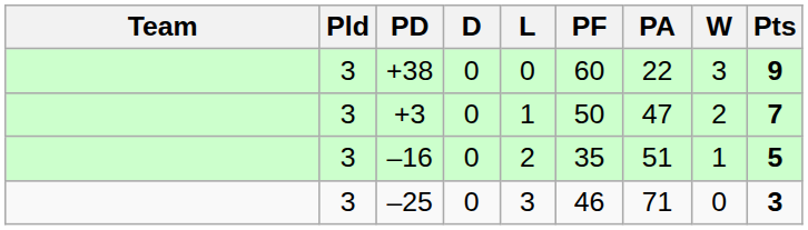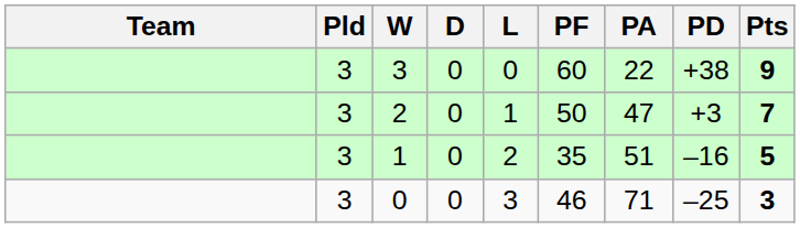 <table class="wikitable" style="text-align:center;">
 <tr>
 <th width=175>Team</th>
 <th width=25 abbr="Played">Pld</th>
-<th width=32 abbr="Points difference">PD</th>
+<th width=25 abbr="Won">W</th>
 <th width=25 abbr="Drawn">D</th>
 <th width=25 abbr="Lost">L</th>
 <th width=32 abbr="Points for">PF</th>
 <th width=32 abbr="Points against">PA</th>
-<th width=25 abbr="Won">W</th>
+<th width=32 abbr="Points difference">PD</th>
 <th width=25 abbr="Points">Pts</th>
 </tr>
 <tr bgcolor=ccffcc>
 <td align=left></td>
 <td>3</td>
-<td>+38</td>
+<td>3</td>
 <td>0</td>
 <td>0</td>
 <td>60</td>
 <td>22</td>
-<td>3</td>
+<td>+38</td>
 <td><strong>9</strong></td>
 </tr>
 <tr bgcolor=ccffcc>
 <td align=left></td>
 <td>3</td>
-<td>+3</td>
+<td>2</td>
 <td>0</td>
 <td>1</td>
 <td>50</td>
 <td>47</td>
-<td>2</td>
+<td>+3</td>
 <td><strong>7</strong></td>
 </tr>
 <tr bgcolor=ccffcc>
 <td align=left></td>
 <td>3</td>
-<td>–16</td>
+<td>1</td>
 <td>0</td>
 <td>2</td>
 <td>35</td>
 <td>51</td>
-<td>1</td>
+<td>–16</td>
 <td><strong>5</strong></td>
 </tr>
 <tr>
 <td align=left></td>
 <td>3</td>
-<td>–25</td>
+<td>0</td>
 <td>0</td>
 <td>3</td>
 <td>46</td>
 <td>71</td>
-<td>0</td>
+<td>–25</td>
 <td><strong>3</strong></td>
 </tr>
 </table>
